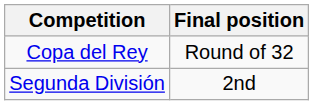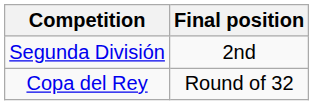 <table class="wikitable" style="font-size:100%; text-align:center">
 <tr>
 <th>Competition</th>
 <th>Final position</th>
 </tr>
 <tr style="background:">
+<td><a href='#'>Segunda División</a></td>
+<td>2nd</td>
+</tr>
+<tr style="background:">
 <td><a href='#'>Copa del Rey</a></td>
 <td>Round of 32</td>
 </tr>
-<tr style="background:">
-<td><a href='#'>Segunda División</a></td>
-<td>2nd</td>
-</tr>
 </table>
